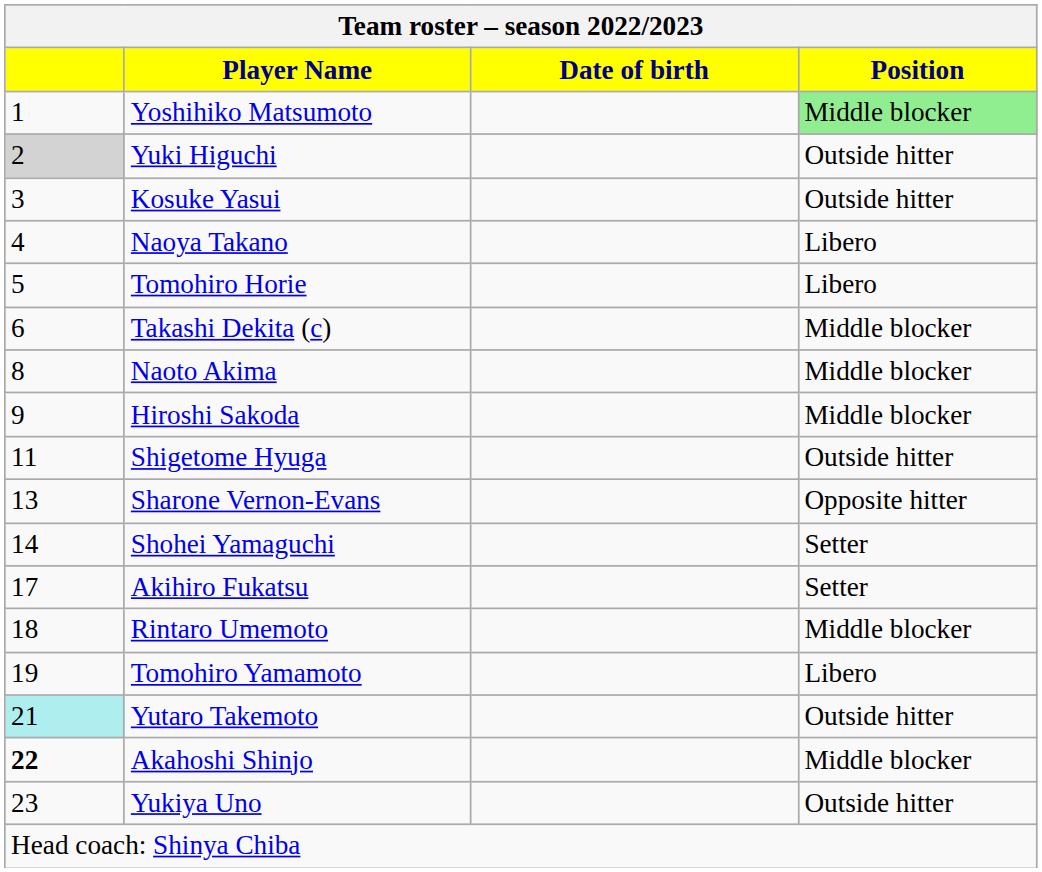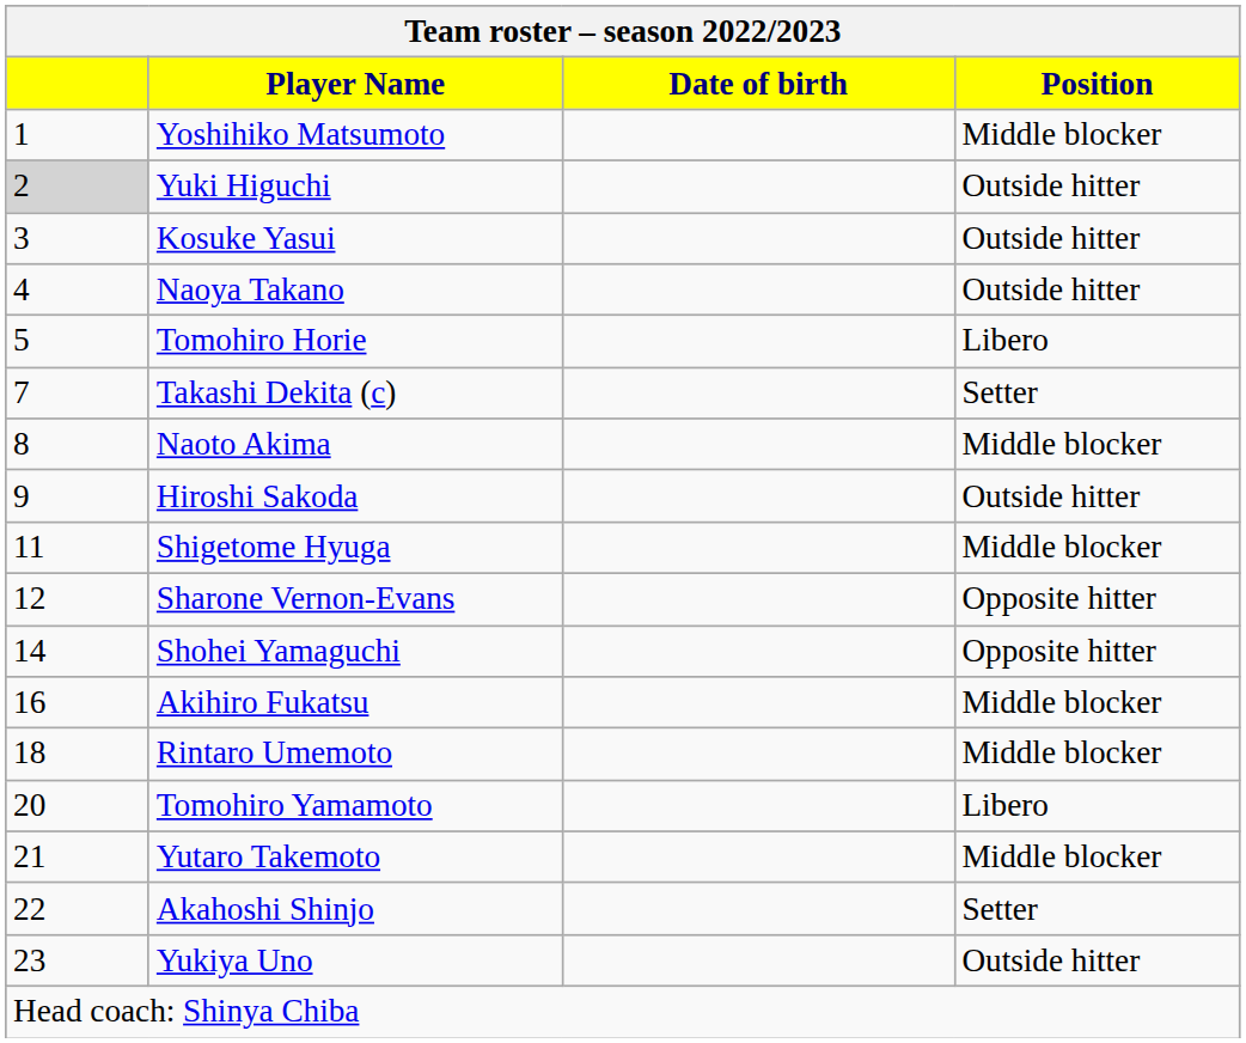 <table class="wikitable collapsible collapsed sortable" style="font-size:">
 <tr>
 <th colspan="7">Team roster – season 2022/2023</th>
 </tr>
 <tr>
 <th style="width:5em; color:#000080; background-color:yellow"></th>
 <th style="width:15em; color:#000080; background-color:yellow">Player Name</th>
 <th style="width:15em; color:#000080; background-color:yellow">Date of birth</th>
 <th style="width:10em; color:#000080; background-color:yellow">Position</th>
 </tr>
 <tr>
 <td>1</td>
 <td align=left> <a href='#'>Yoshihiko Matsumoto</a></td>
 <td align=right></td>
-<td style="background: lightgreen;">Middle blocker</td>
+<td>Middle blocker</td>
 </tr>
 <tr>
 <td style="background: lightgrey;">2</td>
 <td align=left> <a href='#'>Yuki Higuchi</a></td>
 <td align=right></td>
 <td>Outside hitter</td>
 </tr>
 <tr>
 <td>3</td>
 <td align=left> <a href='#'>Kosuke Yasui</a> </td>
 <td align=right></td>
 <td>Outside hitter</td>
 </tr>
 <tr>
 <td>4</td>
 <td align=left> <a href='#'>Naoya Takano</a></td>
 <td align=right></td>
-<td>Libero</td>
+<td>Outside hitter</td>
 </tr>
 <tr>
 <td>5</td>
 <td align=left> <a href='#'>Tomohiro Horie</a></td>
 <td align=right></td>
 <td>Libero</td>
 </tr>
 <tr>
-<td>6</td>
+<td>7</td>
 <td align=left> <a href='#'>Takashi Dekita</a> (<a href='#'>c</a>)</td>
 <td align=right></td>
-<td>Middle blocker</td>
+<td>Setter</td>
 </tr>
 <tr>
 <td>8</td>
 <td align=left> <a href='#'>Naoto Akima</a> </td>
 <td align=right></td>
 <td>Middle blocker</td>
 </tr>
 <tr>
 <td>9</td>
 <td align=left> <a href='#'>Hiroshi Sakoda</a></td>
 <td align=right></td>
-<td>Middle blocker</td>
+<td>Outside hitter</td>
 </tr>
 <tr>
 <td>11</td>
 <td align=left> <a href='#'>Shigetome Hyuga</a></td>
 <td align=right></td>
-<td>Outside hitter</td>
+<td>Middle blocker</td>
 </tr>
 <tr>
-<td>13</td>
+<td>12</td>
 <td align=left> <a href='#'>Sharone Vernon-Evans</a></td>
 <td align=right></td>
 <td>Opposite hitter</td>
 </tr>
 <tr>
 <td>14</td>
 <td align=left> <a href='#'>Shohei Yamaguchi</a></td>
 <td align=right></td>
-<td>Setter</td>
+<td>Opposite hitter</td>
 </tr>
 <tr>
-<td>17</td>
+<td>16</td>
 <td align=left> <a href='#'>Akihiro Fukatsu</a></td>
 <td align=right></td>
-<td>Setter</td>
+<td>Middle blocker</td>
 </tr>
 <tr>
 <td>18</td>
 <td align=left> <a href='#'>Rintaro Umemoto</a></td>
 <td align=right></td>
 <td>Middle blocker</td>
 </tr>
 <tr>
-<td>19</td>
+<td>20</td>
 <td align=left> <a href='#'>Tomohiro Yamamoto</a></td>
 <td align=right></td>
 <td>Libero</td>
 </tr>
 <tr>
-<td style="background: paleturquoise;">21</td>
+<td>21</td>
 <td align=left> <a href='#'>Yutaro Takemoto</a></td>
 <td align=right></td>
-<td>Outside hitter</td>
+<td>Middle blocker</td>
 </tr>
 <tr>
-<td><strong>22</strong></td>
+<td>22</td>
 <td align=left> <a href='#'>Akahoshi Shinjo</a></td>
 <td align=right></td>
-<td>Middle blocker</td>
+<td>Setter</td>
 </tr>
 <tr>
 <td>23</td>
 <td align=left> <a href='#'>Yukiya Uno</a></td>
 <td align=right></td>
 <td>Outside hitter</td>
 </tr>
 <tr>
 <td colspan=4>Head coach:  <a href='#'>Shinya Chiba</a></td>
 </tr>
 </table>
